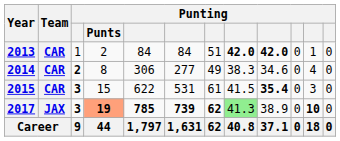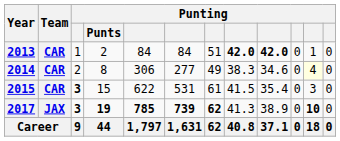 <table class=wikitable style="text-align:center;">
 <tr>
 <th rowspan="2">Year</th>
 <th rowspan="2">Team</th>
 <th colspan="10">Punting</th>
 </tr>
 <tr>
 <th></th>
 <th>Punts</th>
 <th></th>
 <th></th>
 <th></th>
 <th></th>
 <th></th>
 <th></th>
 <th></th>
 <th></th>
 </tr>
 <tr>
 <th><a href='#'>2013</a></th>
 <th><a href='#'>CAR</a></th>
 <td>1</td>
 <td>2</td>
 <td>84</td>
 <td>84</td>
 <td>51</td>
 <td><strong>42.0</strong></td>
 <td><strong>42.0</strong></td>
 <td>0</td>
 <td>1</td>
 <td>0</td>
 </tr>
 <tr>
 <th><a href='#'>2014</a></th>
 <th><a href='#'>CAR</a></th>
-<td><strong>2</strong></td>
+<td>2</td>
 <td>8</td>
 <td>306</td>
 <td>277</td>
 <td>49</td>
 <td>38.3</td>
 <td>34.6</td>
 <td>0</td>
-<td>4</td>
+<td style="background: lightyellow;">4</td>
 <td>0</td>
 </tr>
 <tr>
 <th><a href='#'>2015</a></th>
 <th><a href='#'>CAR</a></th>
 <td><strong>3</strong></td>
 <td>15</td>
 <td>622</td>
 <td>531</td>
 <td>61</td>
 <td>41.5</td>
-<td><strong>35.4</strong></td>
+<td>35.4</td>
 <td>0</td>
 <td>3</td>
 <td>0</td>
 </tr>
 <tr>
 <th><a href='#'>2017</a></th>
 <th><a href='#'>JAX</a></th>
 <td><strong>3</strong></td>
-<td style="background: lightsalmon;"><strong>19</strong></td>
+<td><strong>19</strong></td>
 <td><strong>785</strong></td>
 <td><strong>739</strong></td>
 <td><strong>62</strong></td>
-<td style="background: lightgreen;">41.3</td>
+<td>41.3</td>
 <td>38.9</td>
 <td>0</td>
 <td><strong>10</strong></td>
 <td>0</td>
 </tr>
 <tr>
 <th colspan="2">Career</th>
 <th>9</th>
 <th>44</th>
 <th>1,797</th>
 <th>1,631</th>
 <th>62</th>
 <th>40.8</th>
 <th>37.1</th>
 <th>0</th>
 <th>18</th>
 <th>0</th>
 </tr>
 </table>
